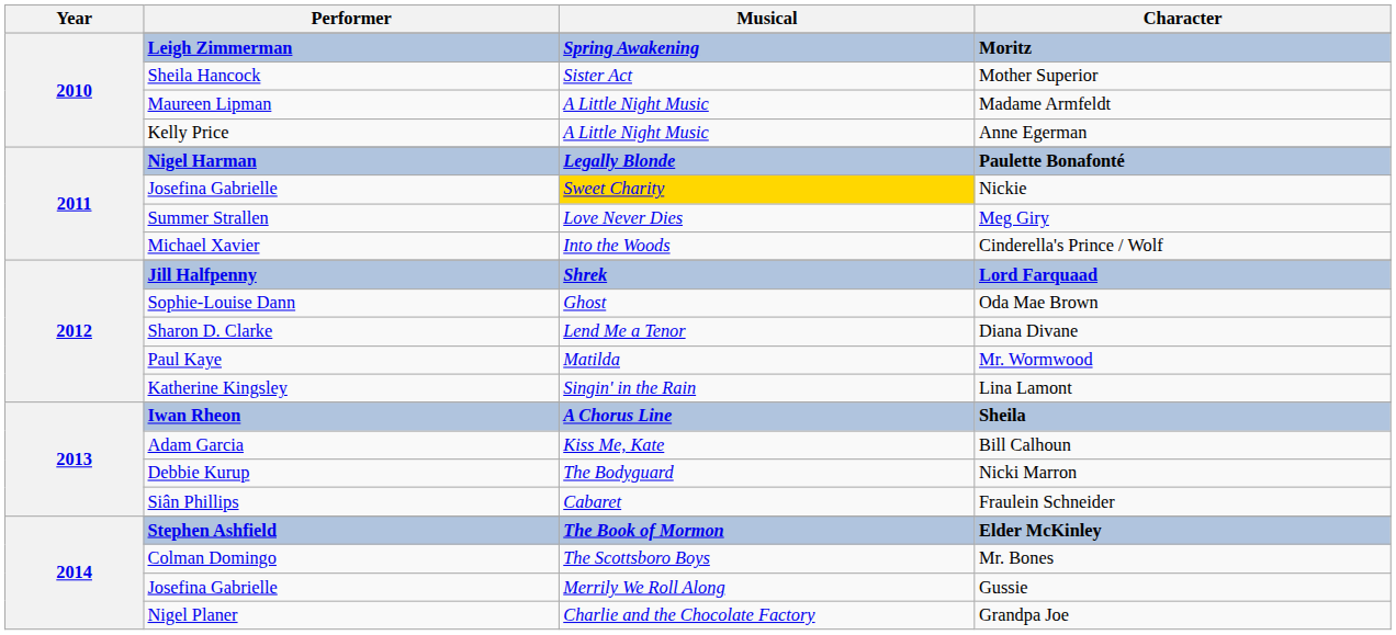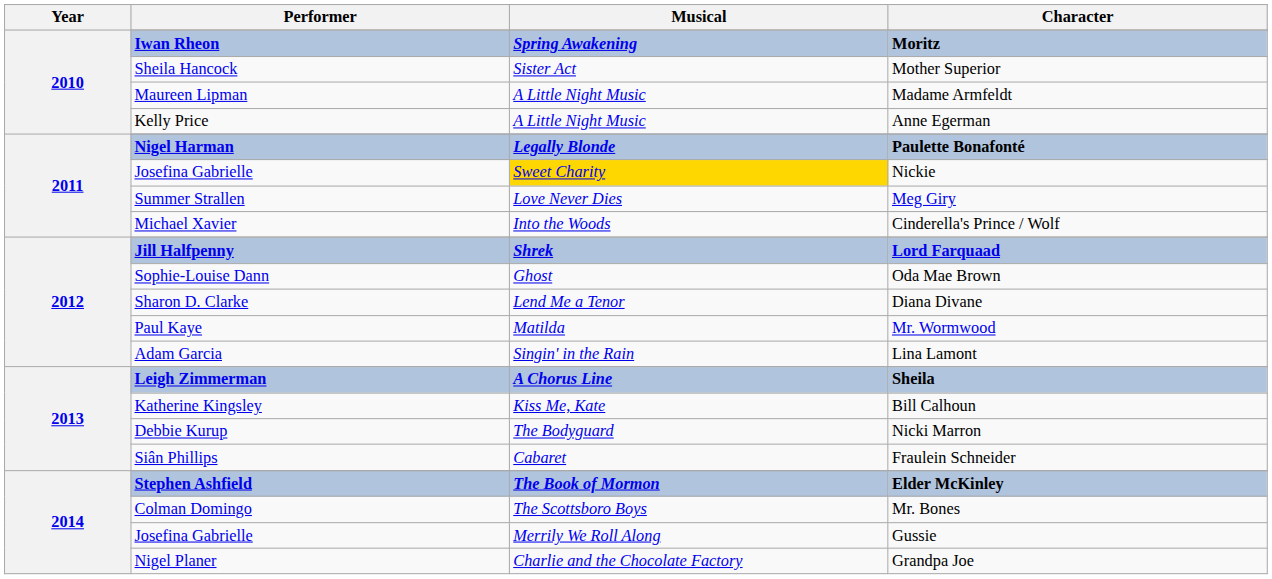 <table class="wikitable" style="width:98%;">
 <tr style="background:#bebebe;">
 <th style="width:10%;">Year</th>
 <th style="width:30%;">Performer</th>
 <th style="width:30%;">Musical</th>
 <th style="width:30%;">Character</th>
 </tr>
 <tr>
 <th rowspan="5" align="center"><a href='#'>2010</a></th>
 </tr>
 <tr style="background:#B0C4DE">
-<td><strong><a href='#'>Leigh Zimmerman</a></strong></td>
+<td><strong><a href='#'>Iwan Rheon</a></strong></td>
 <td><strong><em><a href='#'>Spring Awakening</a></em></strong></td>
 <td><strong>Moritz</strong></td>
 </tr>
 <tr>
 <td><a href='#'>Sheila Hancock</a></td>
 <td><em><a href='#'>Sister Act</a></em></td>
 <td>Mother Superior</td>
 </tr>
 <tr>
 <td><a href='#'>Maureen Lipman</a></td>
 <td><em><a href='#'>A Little Night Music</a></em></td>
 <td>Madame Armfeldt</td>
 </tr>
 <tr>
 <td>Kelly Price</td>
 <td><em><a href='#'>A Little Night Music</a></em></td>
 <td>Anne Egerman</td>
 </tr>
 <tr>
 <th rowspan="5" align="center"><a href='#'>2011</a></th>
 </tr>
 <tr style="background:#B0C4DE">
 <td><strong><a href='#'>Nigel Harman</a></strong></td>
 <td><strong><em><a href='#'>Legally Blonde</a></em></strong></td>
 <td><strong>Paulette Bonafonté</strong></td>
 </tr>
 <tr>
 <td><a href='#'>Josefina Gabrielle</a></td>
 <td style="background: gold;"><em><a href='#'>Sweet Charity</a></em></td>
 <td>Nickie</td>
 </tr>
 <tr>
 <td><a href='#'>Summer Strallen</a></td>
 <td><em><a href='#'>Love Never Dies</a></em></td>
 <td><a href='#'>Meg Giry</a></td>
 </tr>
 <tr>
 <td><a href='#'>Michael Xavier</a></td>
 <td><em><a href='#'>Into the Woods</a></em></td>
 <td>Cinderella's Prince / Wolf</td>
 </tr>
 <tr>
 <th rowspan="6" align="center"><a href='#'>2012</a></th>
 </tr>
 <tr style="background:#B0C4DE">
 <td><strong><a href='#'>Jill Halfpenny</a></strong></td>
 <td><strong><em><a href='#'>Shrek</a></em></strong></td>
 <td><strong><a href='#'>Lord Farquaad</a></strong></td>
 </tr>
 <tr>
 <td><a href='#'>Sophie-Louise Dann</a></td>
 <td><em><a href='#'>Ghost</a></em></td>
 <td>Oda Mae Brown</td>
 </tr>
 <tr>
 <td><a href='#'>Sharon D. Clarke</a></td>
 <td><em><a href='#'>Lend Me a Tenor</a></em></td>
 <td>Diana Divane</td>
 </tr>
 <tr>
 <td><a href='#'>Paul Kaye</a></td>
 <td><em><a href='#'>Matilda</a></em></td>
 <td><a href='#'>Mr. Wormwood</a></td>
 </tr>
 <tr>
-<td><a href='#'>Katherine Kingsley</a></td>
+<td><a href='#'>Adam Garcia</a></td>
 <td><em><a href='#'>Singin' in the Rain</a></em></td>
 <td>Lina Lamont</td>
 </tr>
 <tr>
 <th rowspan="5" align="center"><a href='#'>2013</a></th>
 </tr>
 <tr style="background:#B0C4DE">
-<td><strong><a href='#'>Iwan Rheon</a></strong></td>
+<td><strong><a href='#'>Leigh Zimmerman</a></strong></td>
 <td><strong><em><a href='#'>A Chorus Line</a></em></strong></td>
 <td><strong>Sheila</strong></td>
 </tr>
 <tr>
-<td><a href='#'>Adam Garcia</a></td>
+<td><a href='#'>Katherine Kingsley</a></td>
 <td><em><a href='#'>Kiss Me, Kate</a></em></td>
 <td>Bill Calhoun</td>
 </tr>
 <tr>
 <td><a href='#'>Debbie Kurup</a></td>
 <td><em><a href='#'>The Bodyguard</a></em></td>
 <td>Nicki Marron</td>
 </tr>
 <tr>
 <td><a href='#'>Siân Phillips</a></td>
 <td><em><a href='#'>Cabaret</a></em></td>
 <td>Fraulein Schneider</td>
 </tr>
 <tr>
 <th rowspan="5" align="center"><a href='#'>2014</a></th>
 </tr>
 <tr style="background:#B0C4DE">
 <td><strong><a href='#'>Stephen Ashfield</a></strong></td>
 <td><strong><em><a href='#'>The Book of Mormon</a></em></strong></td>
 <td><strong>Elder McKinley</strong></td>
 </tr>
 <tr>
 <td><a href='#'>Colman Domingo</a></td>
 <td><em><a href='#'>The Scottsboro Boys</a></em></td>
 <td>Mr. Bones</td>
 </tr>
 <tr>
 <td><a href='#'>Josefina Gabrielle</a></td>
 <td><em><a href='#'>Merrily We Roll Along</a></em></td>
 <td>Gussie</td>
 </tr>
 <tr>
 <td><a href='#'>Nigel Planer</a></td>
 <td><em><a href='#'>Charlie and the Chocolate Factory</a></em></td>
 <td>Grandpa Joe</td>
 </tr>
 </table>
